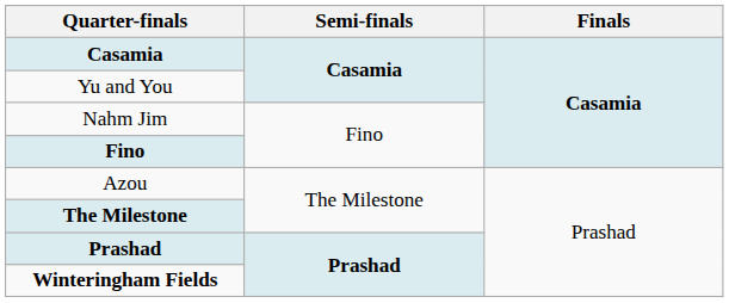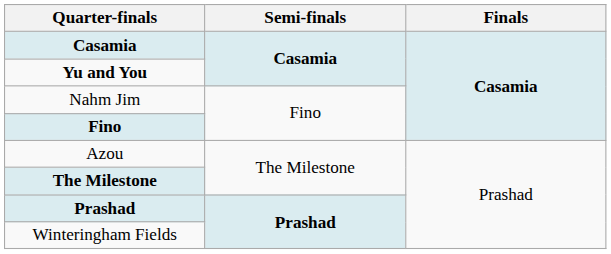 <table class="wikitable" style="text-align: center">
 <tr>
 <th style="width:180px">Quarter-finals</th>
 <th style="width:180px">Semi-finals</th>
 <th style="width:180px">Finals</th>
 </tr>
 <tr>
 <td bgcolor="#DAECF0"><strong>Casamia</strong></td>
 <td rowspan="2" bgcolor="#DAECF0"><strong>Casamia</strong></td>
 <td rowspan="4" bgcolor="#DAECF0"><strong>Casamia</strong></td>
 </tr>
 <tr>
-<td>Yu and You</td>
+<td><strong>Yu and You</strong></td>
 </tr>
 <tr>
 <td>Nahm Jim</td>
 <td rowspan="2">Fino</td>
 </tr>
 <tr>
 <td bgcolor="#DAECF0"><strong>Fino</strong></td>
 </tr>
 <tr>
 <td>Azou</td>
 <td rowspan="2">The Milestone</td>
 <td rowspan="4">Prashad</td>
 </tr>
 <tr>
 <td bgcolor="#DAECF0"><strong>The Milestone</strong></td>
 </tr>
 <tr>
 <td bgcolor="#DAECF0"><strong>Prashad</strong></td>
 <td rowspan="2" bgcolor="#DAECF0"><strong>Prashad</strong></td>
 </tr>
 <tr>
-<td><strong>Winteringham Fields</strong></td>
+<td>Winteringham Fields</td>
 </tr>
 </table>
